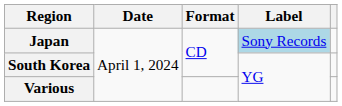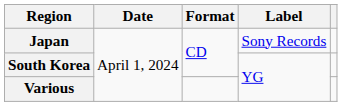 <table class="wikitable plainrowheaders">
 <tr>
 <th scope="col">Region</th>
 <th scope="col">Date</th>
 <th scope="col">Format</th>
 <th scope="col">Label</th>
 <th scope="col"></th>
 </tr>
 <tr>
 <th scope="row">Japan</th>
 <td rowspan="3">April 1, 2024</td>
 <td rowspan="2"><a href='#'>CD</a></td>
-<td style="background: lightblue;"><a href='#'>Sony Records</a></td>
+<td><a href='#'>Sony Records</a></td>
 <td style="text-align:center"></td>
 </tr>
 <tr>
 <th scope="row">South Korea</th>
 <td rowspan="2"><a href='#'>YG</a></td>
 <td></td>
 </tr>
 <tr>
 <th scope="row">Various </th>
 <td></td>
 <td></td>
 </tr>
 </table>
